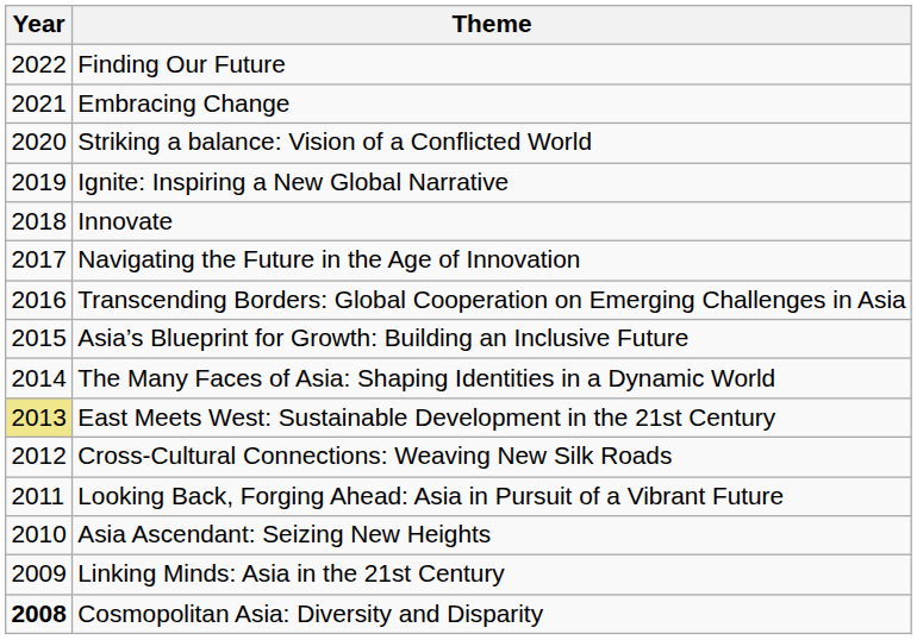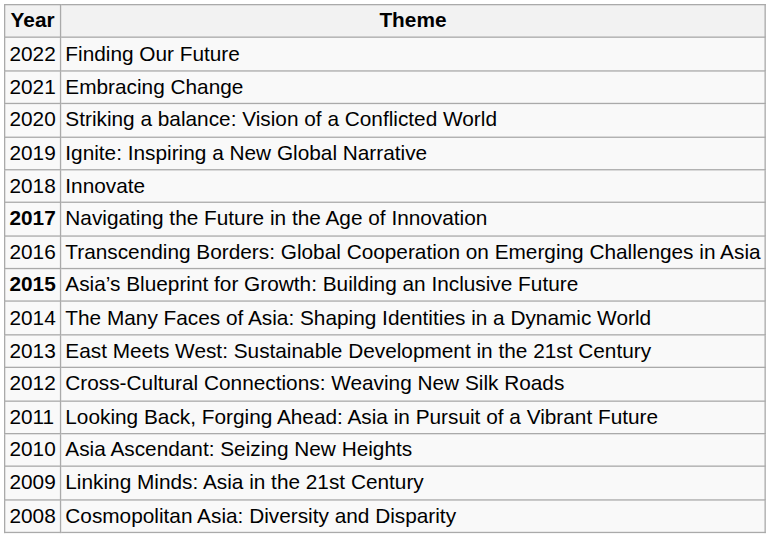 <table class="wikitable">
 <tr>
 <th>Year</th>
 <th>Theme</th>
 </tr>
 <tr>
 <td>2022</td>
 <td>Finding Our Future</td>
 </tr>
 <tr>
 <td>2021</td>
 <td>Embracing Change</td>
 </tr>
 <tr>
 <td>2020</td>
 <td>Striking a balance: Vision of a Conflicted World</td>
 </tr>
 <tr>
 <td>2019</td>
 <td>Ignite: Inspiring a New Global Narrative</td>
 </tr>
 <tr>
 <td>2018</td>
 <td>Innovate</td>
 </tr>
 <tr>
-<td>2017</td>
+<td><strong>2017</strong></td>
 <td>Navigating the Future in the Age of Innovation</td>
 </tr>
 <tr>
 <td>2016</td>
 <td>Transcending Borders: Global Cooperation on Emerging Challenges in Asia</td>
 </tr>
 <tr>
-<td>2015</td>
+<td><strong>2015</strong></td>
 <td>Asia’s Blueprint for Growth: Building an Inclusive Future</td>
 </tr>
 <tr>
 <td>2014</td>
 <td>The Many Faces of Asia: Shaping Identities in a Dynamic World</td>
 </tr>
 <tr>
-<td style="background: khaki;">2013</td>
+<td>2013</td>
 <td>East Meets West: Sustainable Development in the 21st Century</td>
 </tr>
 <tr>
 <td>2012</td>
 <td>Cross-Cultural Connections: Weaving New Silk Roads</td>
 </tr>
 <tr>
 <td>2011</td>
 <td>Looking Back, Forging Ahead: Asia in Pursuit of a Vibrant Future</td>
 </tr>
 <tr>
 <td>2010</td>
 <td>Asia Ascendant: Seizing New Heights</td>
 </tr>
 <tr>
 <td>2009</td>
 <td>Linking Minds: Asia in the 21st Century</td>
 </tr>
 <tr>
-<td><strong>2008</strong></td>
+<td>2008</td>
 <td>Cosmopolitan Asia: Diversity and Disparity</td>
 </tr>
 </table>
